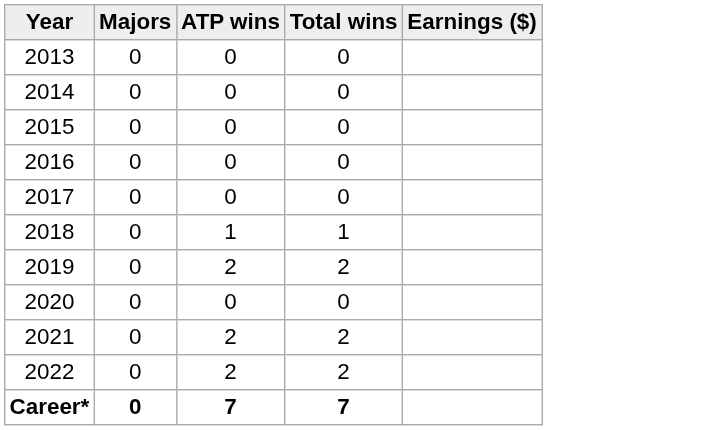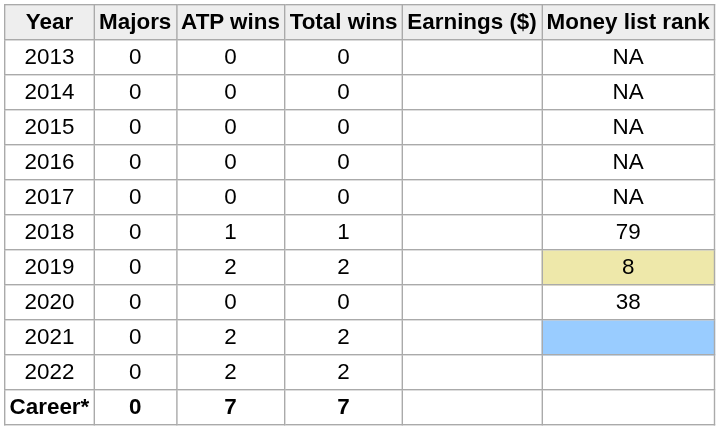 <table cellpadding=3 cellspacing=0 border=1 style=font-size:100%;border:#aaa;solid:1px;border-collapse:collapse;text-align:center>
 <tr bgcolor=EEEEEE>
 <th>Year</th>
 <th>Majors</th>
 <th>ATP wins</th>
 <th>Total wins</th>
 <th>Earnings ($)</th>
+<th>Money list rank</th>
 </tr>
 <tr>
 <td>2013</td>
 <td>0</td>
 <td>0</td>
 <td>0</td>
 <td align=right></td>
+<td>NA</td>
 </tr>
 <tr>
 <td>2014</td>
 <td>0</td>
 <td>0</td>
 <td>0</td>
 <td align=right></td>
+<td>NA</td>
 </tr>
 <tr>
 <td>2015</td>
 <td>0</td>
 <td>0</td>
 <td>0</td>
 <td align=right></td>
+<td>NA</td>
 </tr>
 <tr>
 <td>2016</td>
 <td>0</td>
 <td>0</td>
 <td>0</td>
 <td align=right></td>
+<td>NA</td>
 </tr>
 <tr>
 <td>2017</td>
 <td>0</td>
 <td>0</td>
 <td>0</td>
 <td align=right></td>
+<td>NA</td>
 </tr>
 <tr>
 <td>2018</td>
 <td>0</td>
 <td>1</td>
 <td>1</td>
 <td align=right></td>
+<td>79</td>
 </tr>
 <tr>
 <td>2019</td>
 <td>0</td>
 <td>2</td>
 <td>2</td>
 <td align=right></td>
+<td style=background:#eee8aa>8</td>
 </tr>
 <tr>
 <td>2020</td>
 <td>0</td>
 <td>0</td>
 <td>0</td>
 <td align=right></td>
+<td>38</td>
 </tr>
 <tr>
 <td>2021</td>
 <td>0</td>
 <td>2</td>
 <td>2</td>
 <td align=right></td>
+<td bgcolor=#99ccff></td>
 </tr>
 <tr>
 <td>2022</td>
 <td>0</td>
 <td>2</td>
 <td>2</td>
 <td align=right></td>
+<td></td>
 </tr>
 <tr>
 <th>Career*</th>
 <th>0</th>
 <th>7</th>
 <th>7</th>
 <th align=right></th>
+<th></th>
 </tr>
 </table>
